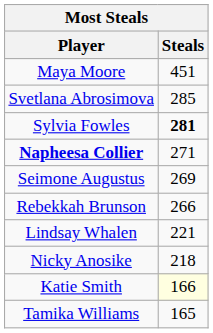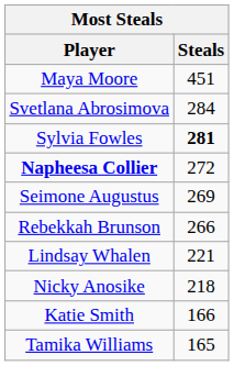 <table class="wikitable sortable" style="text-align:center">
 <tr>
 <th colspan="5">Most Steals</th>
 </tr>
 <tr>
 <th>Player</th>
 <th>Steals</th>
 </tr>
 <tr>
 <td><a href='#'>Maya Moore</a></td>
 <td>451</td>
 </tr>
 <tr>
 <td><a href='#'>Svetlana Abrosimova</a></td>
-<td>285</td>
+<td>284</td>
 </tr>
 <tr>
 <td><a href='#'>Sylvia Fowles</a></td>
 <td><strong>281</strong></td>
 </tr>
 <tr>
 <td><strong><a href='#'>Napheesa Collier</a></strong></td>
-<td>271</td>
+<td>272</td>
 </tr>
 <tr>
 <td><a href='#'>Seimone Augustus</a></td>
 <td>269</td>
 </tr>
 <tr>
 <td><a href='#'>Rebekkah Brunson</a></td>
 <td>266</td>
 </tr>
 <tr>
 <td><a href='#'>Lindsay Whalen</a></td>
 <td>221</td>
 </tr>
 <tr>
 <td><a href='#'>Nicky Anosike</a></td>
 <td>218</td>
 </tr>
 <tr>
 <td><a href='#'>Katie Smith</a></td>
-<td style="background: lightyellow;">166</td>
+<td>166</td>
 </tr>
 <tr>
 <td><a href='#'>Tamika Williams</a></td>
 <td>165</td>
 </tr>
 </table>
